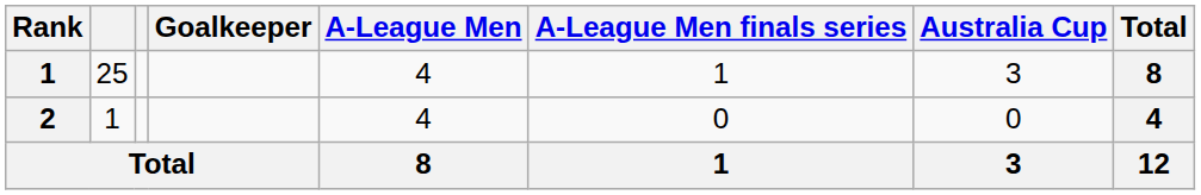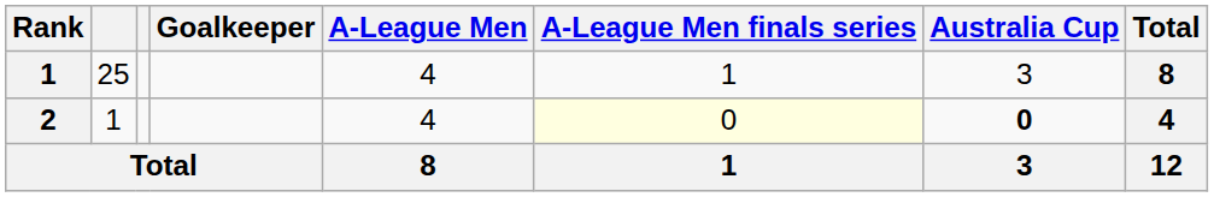 <table class="wikitable" style="text-align:center">
 <tr>
 <th>Rank</th>
 <th></th>
 <th></th>
 <th>Goalkeeper</th>
 <th><a href='#'>A-League Men</a></th>
 <th><a href='#'>A-League Men finals series</a></th>
 <th><a href='#'>Australia Cup</a></th>
 <th>Total</th>
 </tr>
 <tr>
 <th>1</th>
 <td>25</td>
 <td></td>
 <td align="left"></td>
 <td>4</td>
 <td>1</td>
 <td>3</td>
 <th>8</th>
 </tr>
 <tr>
 <th>2</th>
 <td>1</td>
 <td></td>
 <td align="left"></td>
 <td>4</td>
-<td>0</td>
-<td>0</td>
+<td style="background: lightyellow;">0</td>
+<td><strong>0</strong></td>
 <th>4</th>
 </tr>
 <tr>
 <th colspan="4">Total</th>
 <th>8</th>
 <th>1</th>
 <th>3</th>
 <th>12</th>
 </tr>
 </table>
